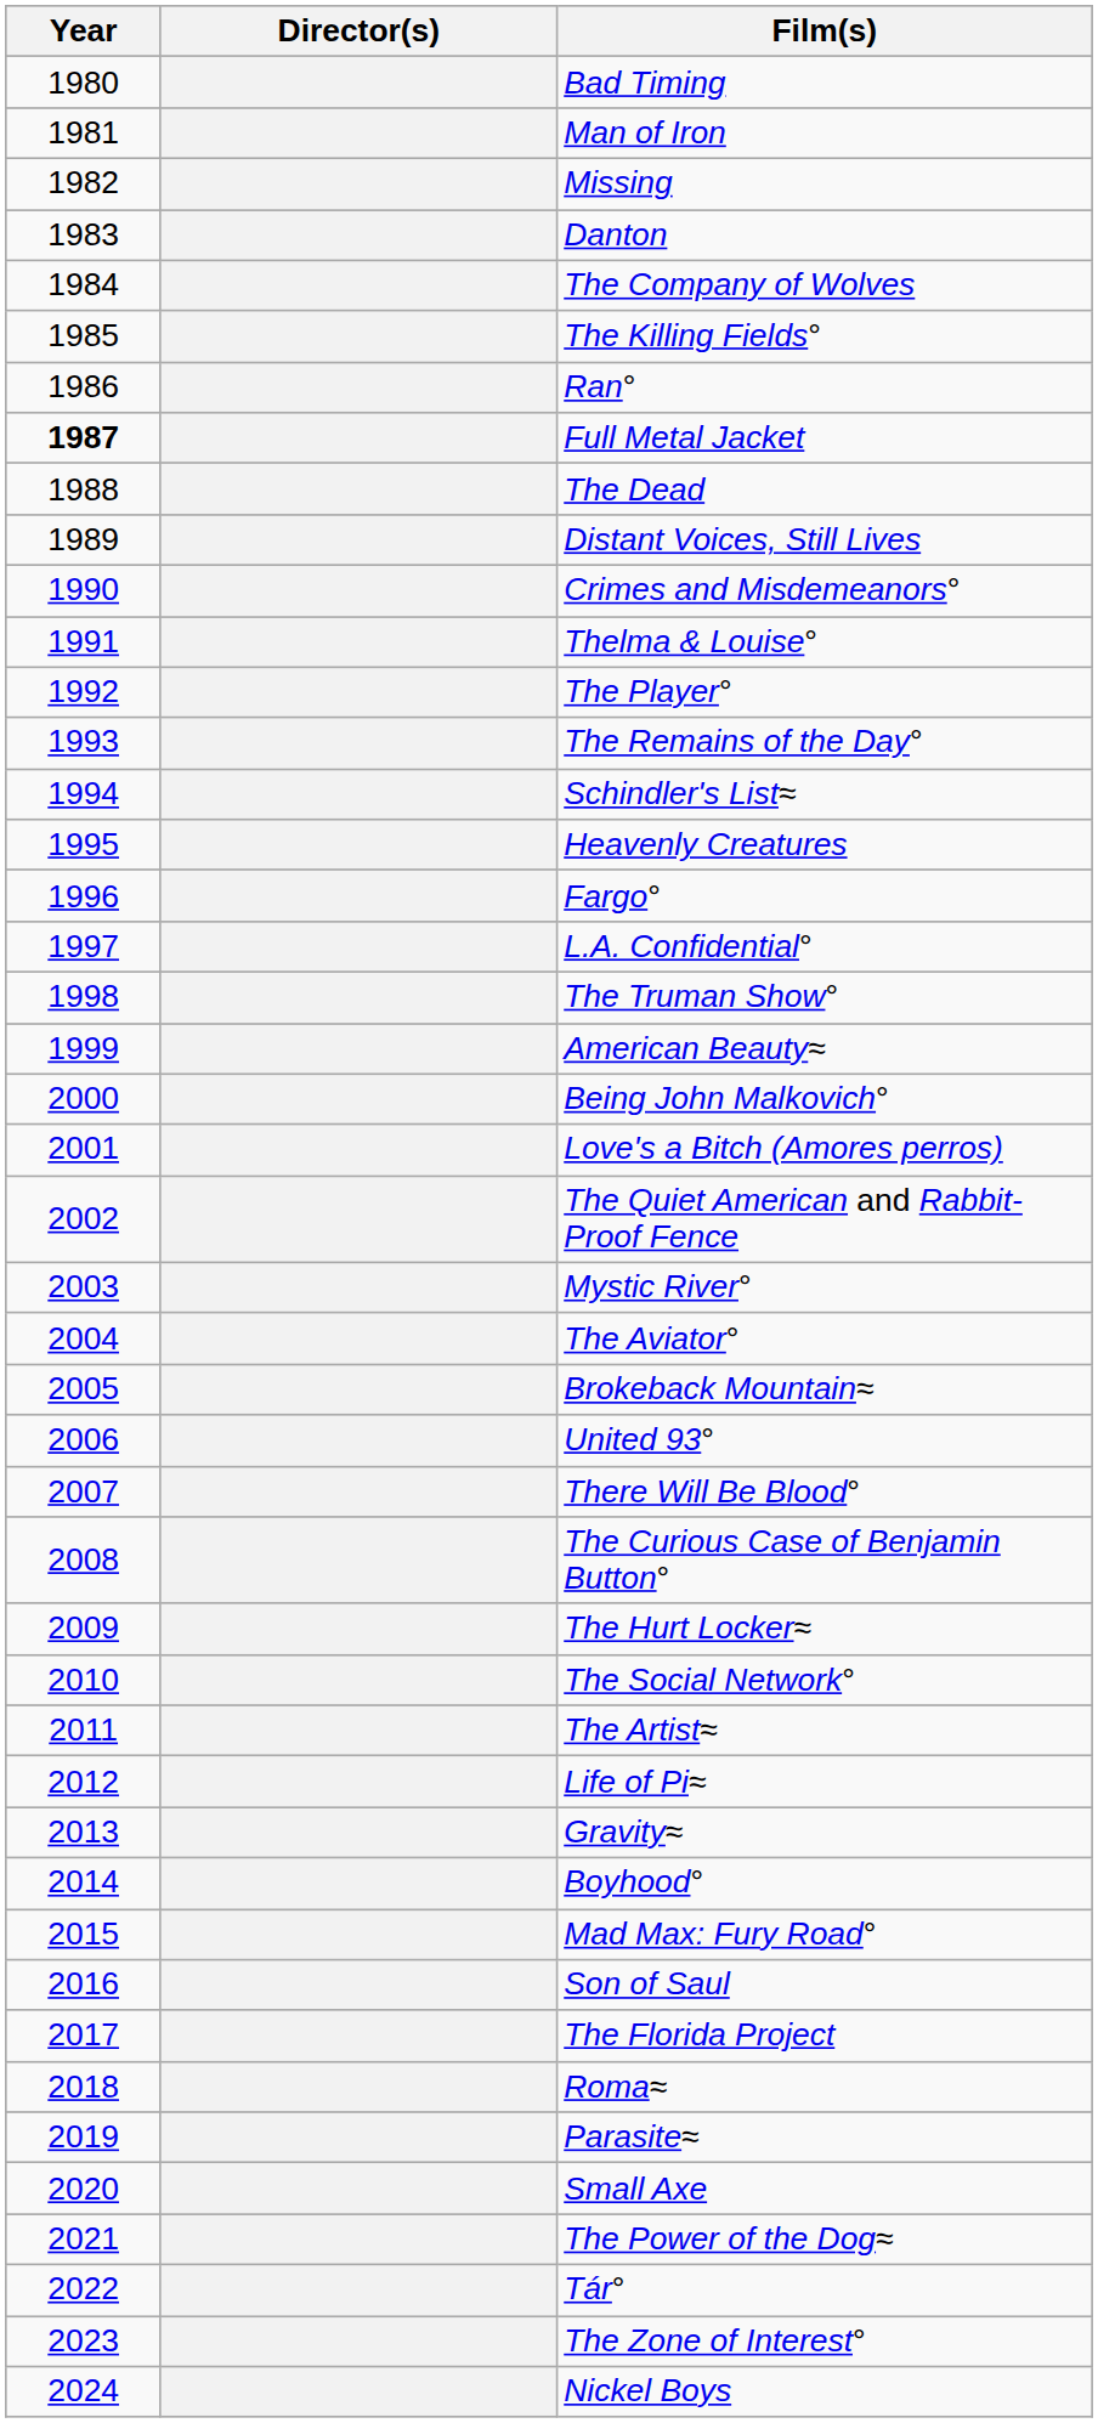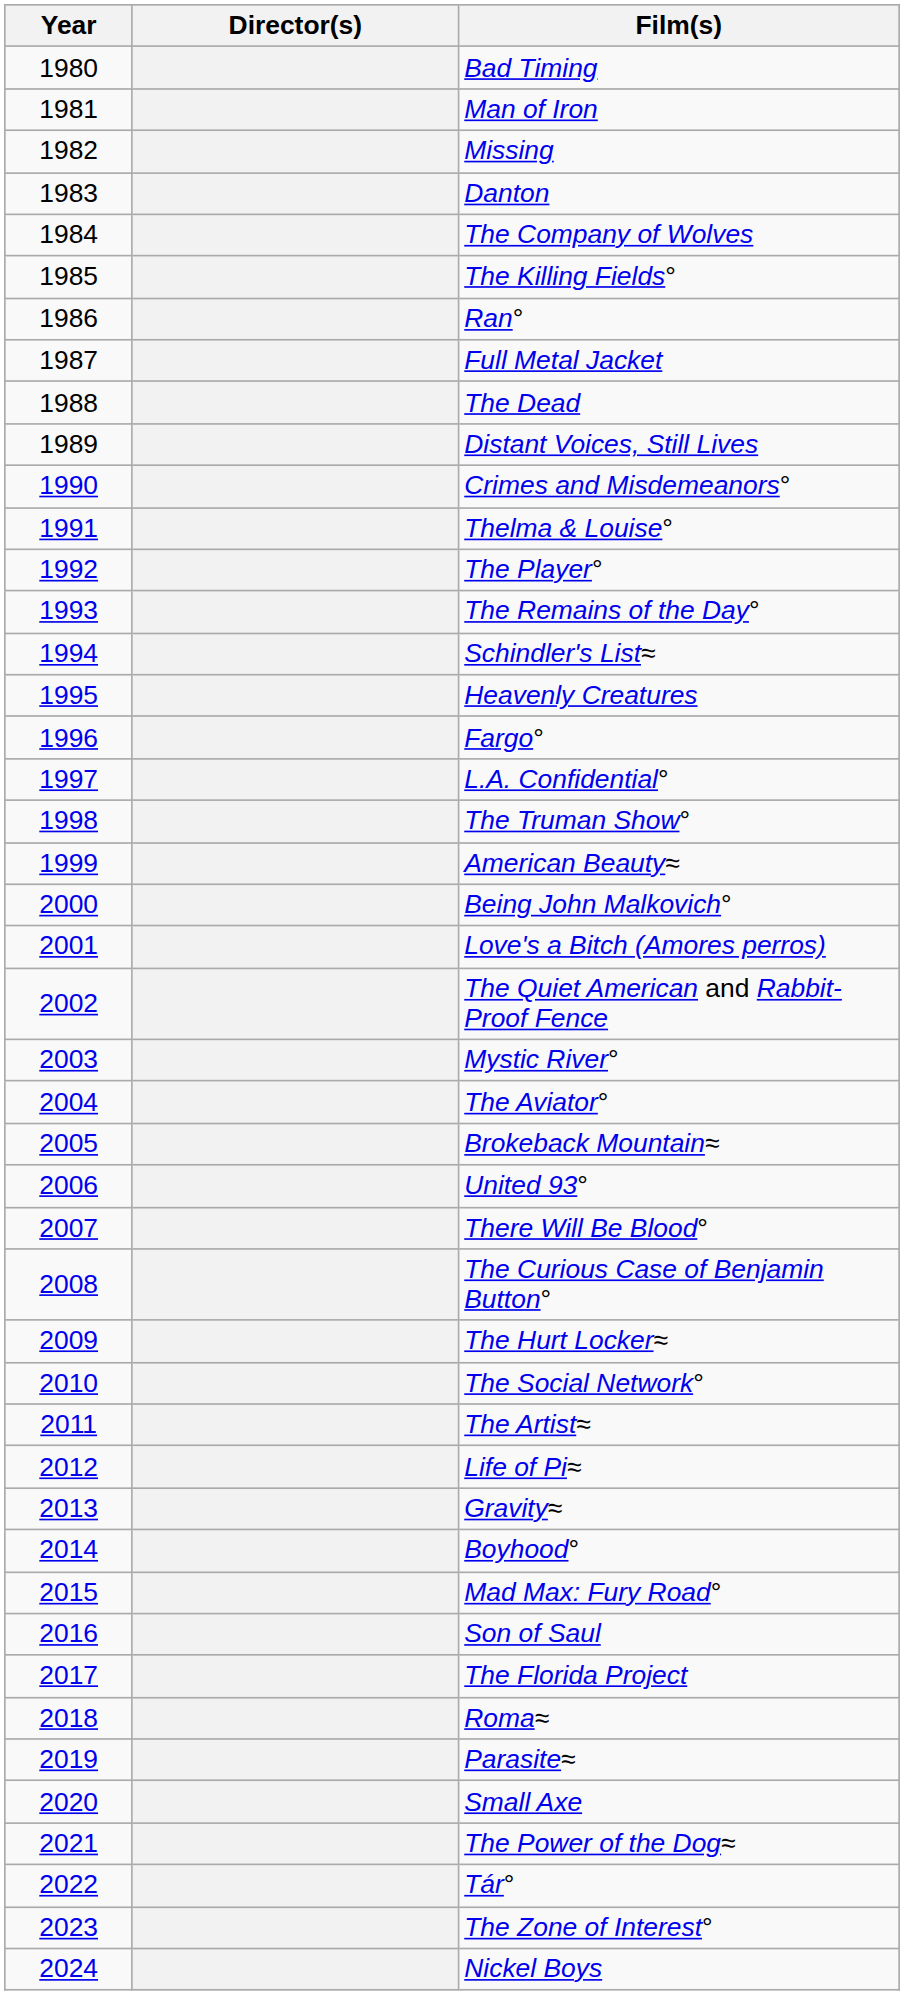 <table class="sortable wikitable plainrowheaders">
 <tr>
 <th scope="col" width=70>Year</th>
 <th scope="col" width=190>Director(s)</th>
 <th scope="col" width=260>Film(s)</th>
 </tr>
 <tr>
 <td align=center>1980</td>
 <th scope=row></th>
 <td><em><a href='#'>Bad Timing</a></em></td>
 </tr>
 <tr>
 <td align=center>1981</td>
 <th scope=row></th>
 <td><em><a href='#'>Man of Iron</a></em></td>
 </tr>
 <tr>
 <td align=center>1982</td>
 <th scope=row></th>
 <td><em><a href='#'>Missing</a></em></td>
 </tr>
 <tr>
 <td align=center>1983</td>
 <th scope=row></th>
 <td><em><a href='#'>Danton</a></em></td>
 </tr>
 <tr>
 <td align=center>1984</td>
 <th scope=row></th>
 <td><em><a href='#'>The Company of Wolves</a></em></td>
 </tr>
 <tr>
 <td align=center>1985</td>
 <th scope=row></th>
 <td><em><a href='#'>The Killing Fields</a></em>°</td>
 </tr>
 <tr>
 <td align=center>1986</td>
 <th scope=row></th>
 <td><em><a href='#'>Ran</a></em>°</td>
 </tr>
 <tr>
-<td align=center><strong>1987</strong></td>
+<td align=center>1987</td>
 <th scope=row></th>
 <td><em><a href='#'>Full Metal Jacket</a></em></td>
 </tr>
 <tr>
 <td align=center>1988</td>
 <th scope=row></th>
 <td><em><a href='#'>The Dead</a></em></td>
 </tr>
 <tr>
 <td align=center>1989</td>
 <th scope=row></th>
 <td><em><a href='#'>Distant Voices, Still Lives</a></em></td>
 </tr>
 <tr>
 <td align=center><a href='#'>1990</a></td>
 <th scope=row></th>
 <td><em><a href='#'>Crimes and Misdemeanors</a></em>°</td>
 </tr>
 <tr>
 <td align=center><a href='#'>1991</a></td>
 <th scope=row></th>
 <td><em><a href='#'>Thelma & Louise</a></em>°</td>
 </tr>
 <tr>
 <td align=center><a href='#'>1992</a></td>
 <th scope=row></th>
 <td><em><a href='#'>The Player</a></em>°</td>
 </tr>
 <tr>
 <td align=center><a href='#'>1993</a></td>
 <th scope=row></th>
 <td><em><a href='#'>The Remains of the Day</a></em>°</td>
 </tr>
 <tr>
 <td align=center><a href='#'>1994</a></td>
 <th scope=row></th>
 <td><em><a href='#'>Schindler's List</a></em>≈</td>
 </tr>
 <tr>
 <td align=center><a href='#'>1995</a></td>
 <th scope=row></th>
 <td><em><a href='#'>Heavenly Creatures</a></em></td>
 </tr>
 <tr>
 <td align=center><a href='#'>1996</a></td>
 <th scope=row></th>
 <td><em><a href='#'>Fargo</a></em>°</td>
 </tr>
 <tr>
 <td align=center><a href='#'>1997</a></td>
 <th scope=row></th>
 <td><em><a href='#'>L.A. Confidential</a></em>°</td>
 </tr>
 <tr>
 <td align=center><a href='#'>1998</a></td>
 <th scope=row></th>
 <td><em><a href='#'>The Truman Show</a></em>°</td>
 </tr>
 <tr>
 <td align=center><a href='#'>1999</a></td>
 <th scope=row></th>
 <td><em><a href='#'>American Beauty</a></em>≈</td>
 </tr>
 <tr>
 <td align=center><a href='#'>2000</a></td>
 <th scope=row></th>
 <td><em><a href='#'>Being John Malkovich</a></em>°</td>
 </tr>
 <tr>
 <td align=center><a href='#'>2001</a></td>
 <th scope=row></th>
 <td><em><a href='#'>Love's a Bitch (Amores perros)</a></em></td>
 </tr>
 <tr>
 <td align=center><a href='#'>2002</a></td>
 <th scope=row></th>
 <td><em><a href='#'>The Quiet American</a></em> and <em><a href='#'>Rabbit-Proof Fence</a></em></td>
 </tr>
 <tr>
 <td align=center><a href='#'>2003</a></td>
 <th scope=row></th>
 <td><em><a href='#'>Mystic River</a></em>°</td>
 </tr>
 <tr>
 <td align=center><a href='#'>2004</a></td>
 <th scope=row></th>
 <td><em><a href='#'>The Aviator</a></em>°</td>
 </tr>
 <tr>
 <td align=center><a href='#'>2005</a></td>
 <th scope=row></th>
 <td><em><a href='#'>Brokeback Mountain</a></em>≈</td>
 </tr>
 <tr>
 <td align=center><a href='#'>2006</a></td>
 <th scope=row></th>
 <td><em><a href='#'>United 93</a></em>°</td>
 </tr>
 <tr>
 <td align=center><a href='#'>2007</a></td>
 <th scope=row></th>
 <td><em><a href='#'>There Will Be Blood</a></em>°</td>
 </tr>
 <tr>
 <td align=center><a href='#'>2008</a></td>
 <th scope=row></th>
 <td><em><a href='#'>The Curious Case of Benjamin Button</a></em>°</td>
 </tr>
 <tr>
 <td align=center><a href='#'>2009</a></td>
 <th scope=row></th>
 <td><em><a href='#'>The Hurt Locker</a></em>≈</td>
 </tr>
 <tr>
 <td align=center><a href='#'>2010</a></td>
 <th scope=row></th>
 <td><em><a href='#'>The Social Network</a></em>°</td>
 </tr>
 <tr>
 <td align=center><a href='#'>2011</a></td>
 <th scope=row></th>
 <td><em><a href='#'>The Artist</a></em>≈</td>
 </tr>
 <tr>
 <td align=center><a href='#'>2012</a></td>
 <th scope=row></th>
 <td><em><a href='#'>Life of Pi</a></em>≈</td>
 </tr>
 <tr>
 <td align=center><a href='#'>2013</a></td>
 <th scope=row></th>
 <td><em><a href='#'>Gravity</a></em>≈</td>
 </tr>
 <tr>
 <td align=center><a href='#'>2014</a></td>
 <th scope=row></th>
 <td><em><a href='#'>Boyhood</a></em>°</td>
 </tr>
 <tr>
 <td align=center><a href='#'>2015</a></td>
 <th scope=row></th>
 <td><em><a href='#'>Mad Max: Fury Road</a></em>°</td>
 </tr>
 <tr>
 <td align=center><a href='#'>2016</a></td>
 <th scope=row></th>
 <td><em><a href='#'>Son of Saul</a></em></td>
 </tr>
 <tr>
 <td align=center><a href='#'>2017</a></td>
 <th scope=row></th>
 <td><em><a href='#'>The Florida Project</a></em></td>
 </tr>
 <tr>
 <td align=center><a href='#'>2018</a></td>
 <th scope=row></th>
 <td><em><a href='#'>Roma</a></em>≈</td>
 </tr>
 <tr>
 <td align=center><a href='#'>2019</a></td>
 <th scope=row></th>
 <td><em><a href='#'>Parasite</a></em>≈</td>
 </tr>
 <tr>
 <td align=center><a href='#'>2020</a></td>
 <th scope=row></th>
 <td><em><a href='#'>Small Axe</a></em></td>
 </tr>
 <tr>
 <td align=center><a href='#'>2021</a></td>
 <th scope=row></th>
 <td><em><a href='#'>The Power of the Dog</a></em>≈</td>
 </tr>
 <tr>
 <td align=center><a href='#'>2022</a></td>
 <th scope=row></th>
 <td><em><a href='#'>Tár</a></em>°</td>
 </tr>
 <tr>
 <td align=center><a href='#'>2023</a></td>
 <th scope=row></th>
 <td><em><a href='#'>The Zone of Interest</a></em>°</td>
 </tr>
 <tr>
 <td align=center><a href='#'>2024</a></td>
 <th scope="row"></th>
 <td><em><a href='#'>Nickel Boys</a></em></td>
 </tr>
 </table>
